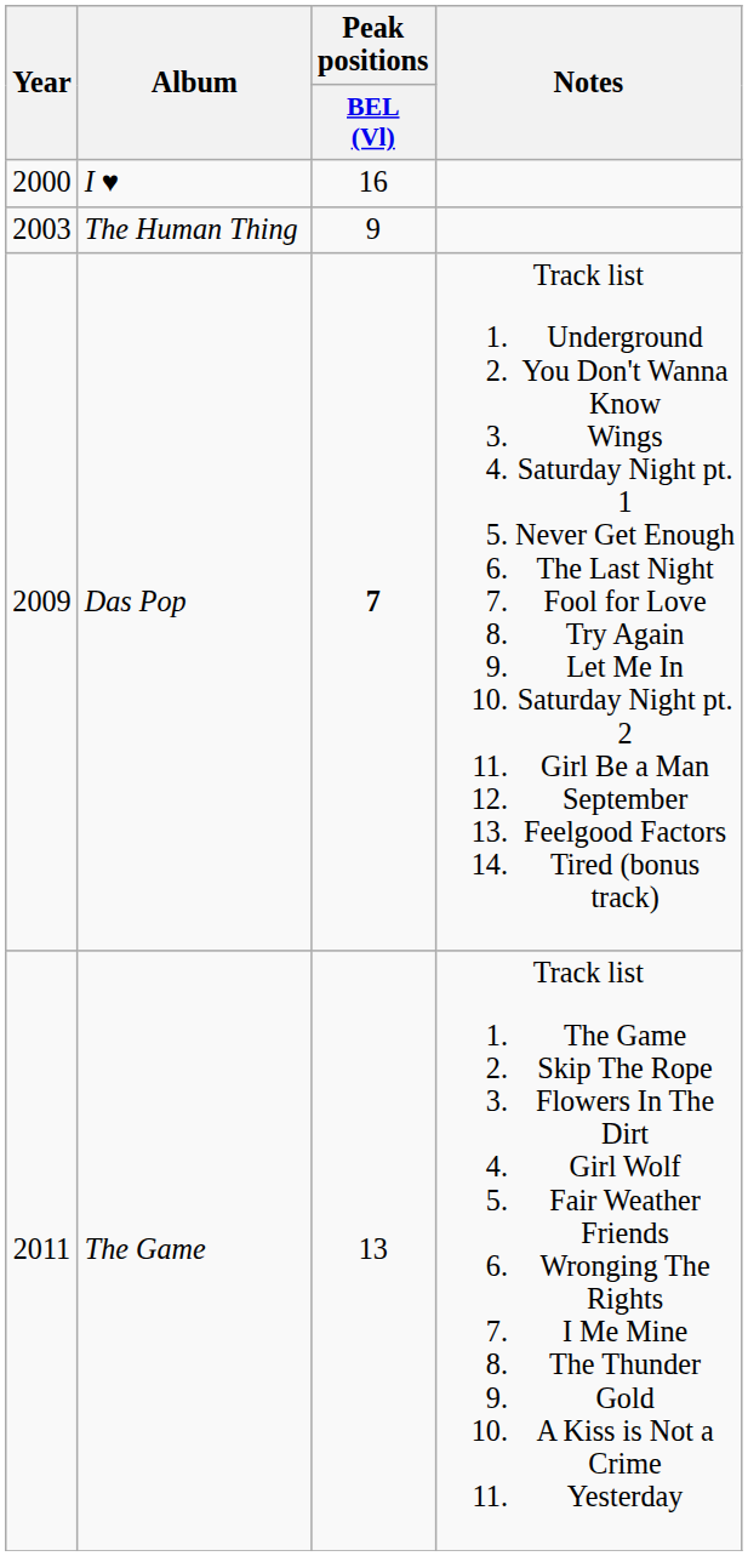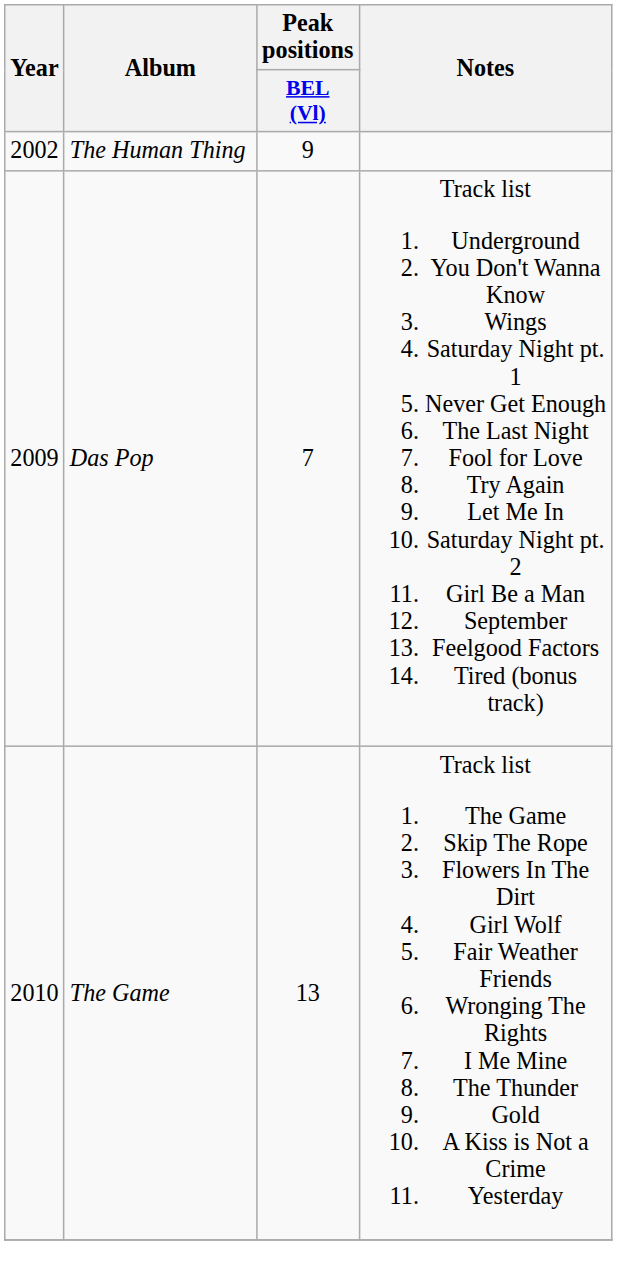 <table class="wikitable">
 <tr>
 <th align="center" rowspan="2" width="10">Year</th>
 <th align="center" rowspan="2" width="120">Album</th>
 <th align="center" colspan="1" width="20">Peak positions</th>
 <th align="center" rowspan="2" width="160">Notes</th>
 </tr>
 <tr>
 <th scope="col" style="width:3em;font-size:90%;"><a href='#'>BEL <br>(Vl)</a><br></th>
 </tr>
 <tr>
-<td style="text-align:center;">2000</td>
-<td><em>I ♥</em></td>
-<td style="text-align:center;">16</td>
-<td style="text-align:center;"></td>
-</tr>
-<tr>
-<td style="text-align:center;">2003</td>
+<td style="text-align:center;">2002</td>
 <td><em>The Human Thing</em></td>
 <td style="text-align:center;">9</td>
 <td style="text-align:center;"></td>
 </tr>
 <tr>
 <td style="text-align:center;">2009</td>
 <td><em>Das Pop</em></td>
-<td style="text-align:center;"><strong>7</strong></td>
+<td style="text-align:center;">7</td>
 <td style="text-align:center;">Track list<br><ol><li>Underground</li><li>You Don't Wanna Know</li><li>Wings</li><li>Saturday Night pt. 1</li><li>Never Get Enough</li><li>The Last Night</li><li>Fool for Love</li><li>Try Again</li><li>Let Me In</li><li>Saturday Night pt. 2</li><li>Girl Be a Man</li><li>September</li><li>Feelgood Factors</li><li>Tired (bonus track)</li></ol></td>
 </tr>
 <tr>
-<td style="text-align:center;">2011</td>
+<td style="text-align:center;">2010</td>
 <td><em>The Game</em></td>
 <td style="text-align:center;">13</td>
 <td style="text-align:center;">Track list<br><ol><li>The Game</li><li>Skip The Rope</li><li>Flowers In The Dirt</li><li>Girl Wolf</li><li>Fair Weather Friends</li><li>Wronging The Rights</li><li>I Me Mine</li><li>The Thunder</li><li>Gold</li><li>A Kiss is Not a Crime</li><li>Yesterday</li></ol></td>
 </tr>
 <tr>
 </tr>
 </table>
